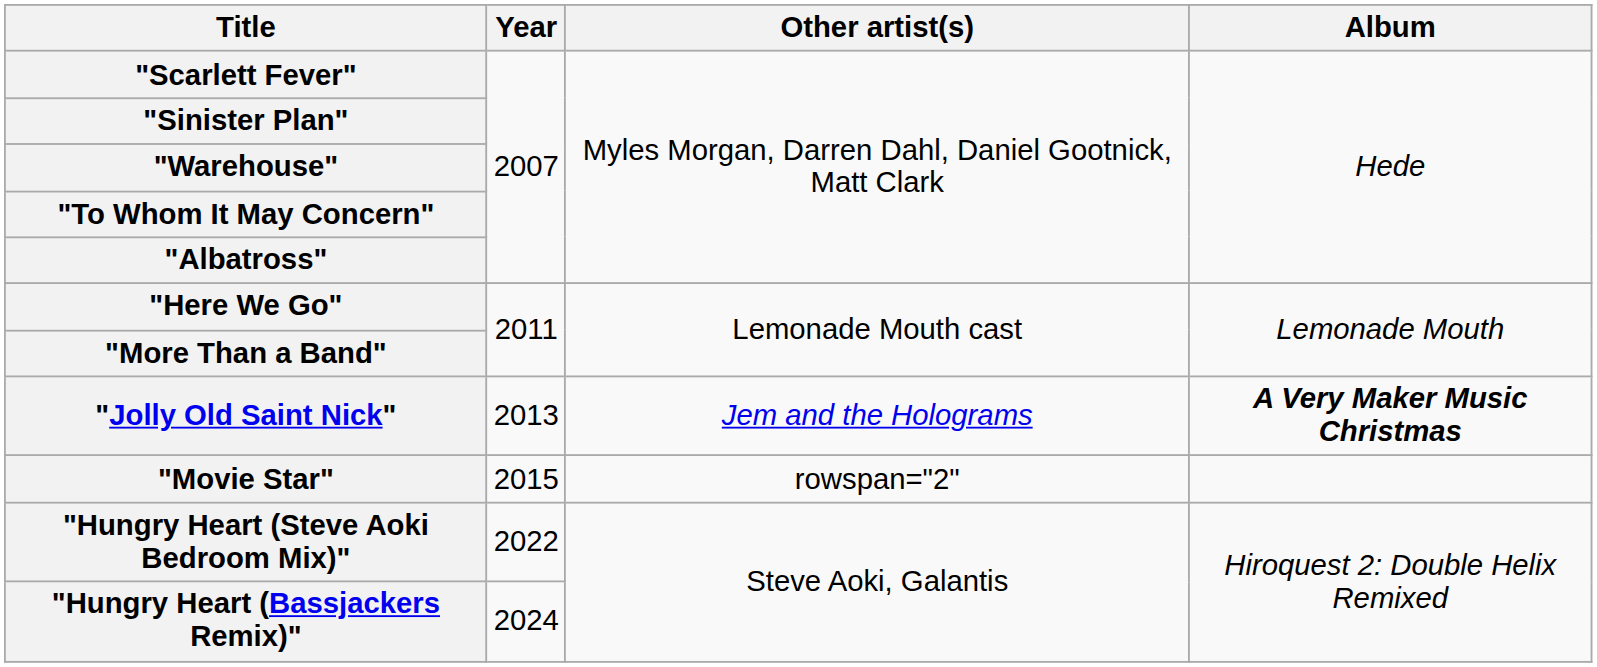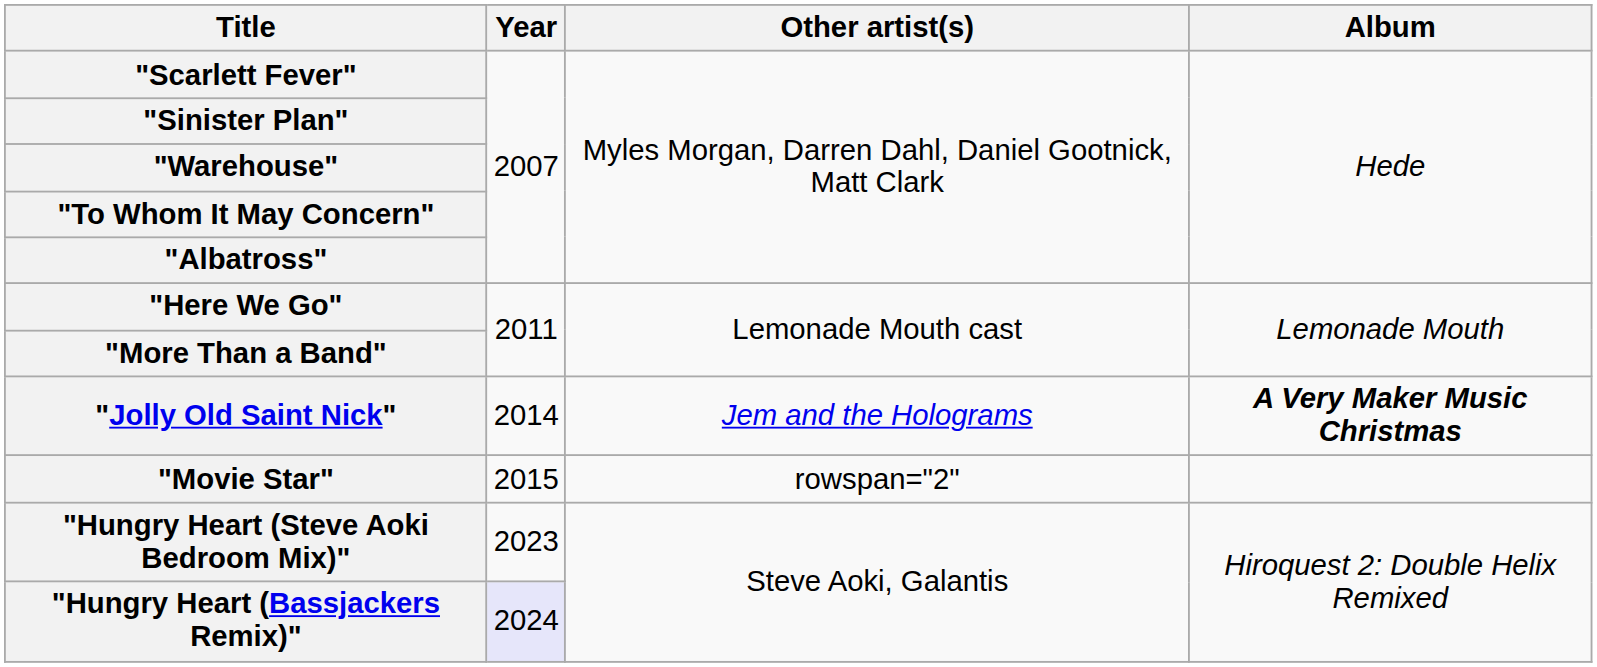 <table class="wikitable plainrowheaders" style="text-align:center;" border="1">
 <tr>
 <th scope="col" style="width:16em;">Title</th>
 <th scope="col">Year</th>
 <th scope="col">Other artist(s)</th>
 <th scope="col">Album</th>
 </tr>
 <tr>
 <th scope="row">"Scarlett Fever"</th>
 <td rowspan="5">2007</td>
 <td rowspan="5">Myles Morgan, Darren Dahl, Daniel Gootnick, Matt Clark</td>
 <td rowspan="5"><em>Hede</em></td>
 </tr>
 <tr>
 <th scope="row">"Sinister Plan"</th>
 </tr>
 <tr>
 <th scope="row">"Warehouse"</th>
 </tr>
 <tr>
 <th scope="row">"To Whom It May Concern"</th>
 </tr>
 <tr>
 <th scope="row">"Albatross"</th>
 </tr>
 <tr>
 <th scope="row">"Here We Go"</th>
 <td rowspan="2">2011</td>
 <td rowspan="2">Lemonade Mouth cast</td>
 <td rowspan="2"><em>Lemonade Mouth</em></td>
 </tr>
 <tr>
 <th scope="row">"More Than a Band"</th>
 </tr>
 <tr>
 <th scope="row">"<a href='#'>Jolly Old Saint Nick</a>"</th>
-<td>2013</td>
+<td>2014</td>
 <td><em><a href='#'>Jem and the Holograms</a></em></td>
 <td><strong><em>A Very Maker Music Christmas</em></strong></td>
 </tr>
 <tr>
 <th scope="row">"Movie Star"</th>
 <td>2015</td>
 <td>rowspan="2" </td>
 </tr>
 <tr>
 <th scope="row">"Hungry Heart (Steve Aoki Bedroom Mix)"</th>
-<td>2022</td>
+<td>2023</td>
 <td rowspan="2">Steve Aoki, Galantis</td>
 <td rowspan="2"><em>Hiroquest 2: Double Helix Remixed</em></td>
 </tr>
 <tr>
 <th scope="row">"Hungry Heart (<a href='#'>Bassjackers</a> Remix)"</th>
-<td>2024</td>
+<td style="background: lavender;">2024</td>
 </tr>
 </table>
